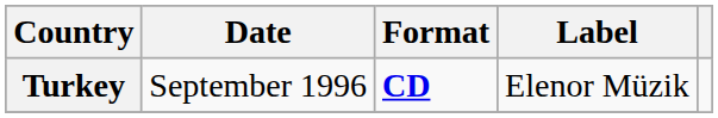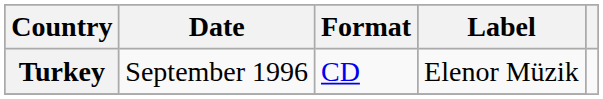 <table class="wikitable plainrowheaders">
 <tr>
 <th scope="col">Country</th>
 <th scope="col">Date</th>
 <th scope="col">Format</th>
 <th scope="col">Label</th>
 <th scope="col"></th>
 </tr>
 <tr>
 <th scope="row" rowspan="1">Turkey</th>
 <td rowspan="1">September 1996</td>
-<td rowspan="1"><strong><a href='#'>CD</a></strong></td>
+<td rowspan="1"><a href='#'>CD</a></td>
 <td rowspan="1">Elenor Müzik</td>
 <td align="center" rowspan="2"></td>
 </tr>
 <tr>
 </tr>
 </table>
